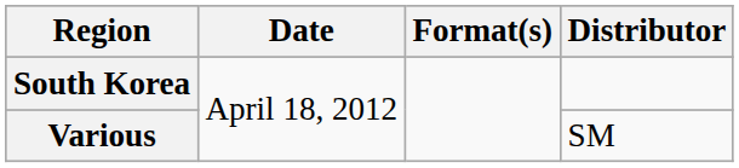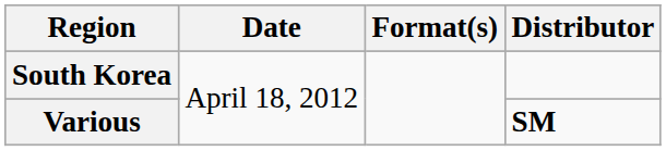 <table class="wikitable plainrowheaders">
 <tr>
 <th>Region</th>
 <th>Date</th>
 <th>Format(s)</th>
 <th>Distributor</th>
 </tr>
 <tr>
 <th scope="row">South Korea</th>
 <td rowspan="2">April 18, 2012</td>
 <td rowspan="2"></td>
 <td></td>
 </tr>
 <tr>
 <th scope="row">Various</th>
-<td>SM</td>
+<td><strong>SM</strong></td>
 </tr>
 </table>
